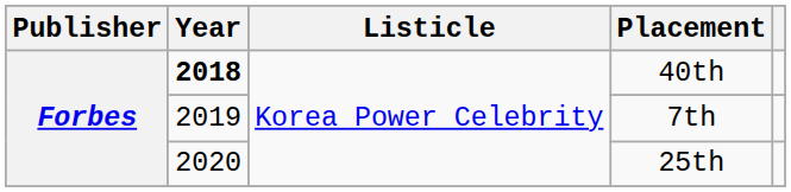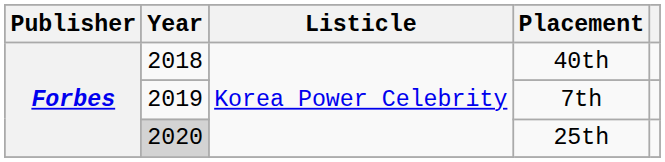 <table class="wikitable plainrowheaders sortable">
 <tr>
 <th scope="col">Publisher</th>
 <th scope="col">Year</th>
 <th scope="col">Listicle</th>
 <th scope="col">Placement</th>
 <th scope="col" class="unsortable"></th>
 </tr>
 <tr>
 <th scope="row" rowspan="3"><em><a href='#'>Forbes</a></em></th>
-<td style="text-align:center"><strong>2018</strong></td>
+<td style="text-align:center">2018</td>
 <td rowspan="3"><a href='#'>Korea Power Celebrity</a></td>
 <td style="text-align:center">40th</td>
 <td style="text-align:center"></td>
 </tr>
 <tr>
 <td style="text-align:center">2019</td>
 <td style="text-align:center">7th</td>
 <td style="text-align:center"></td>
 </tr>
 <tr>
-<td style="text-align:center">2020</td>
+<td style="background: lightgrey; text-align:center">2020</td>
 <td style="text-align:center">25th</td>
 <td style="text-align:center"></td>
 </tr>
 </table>
